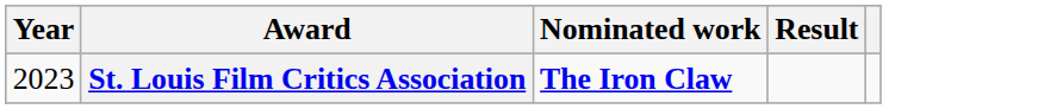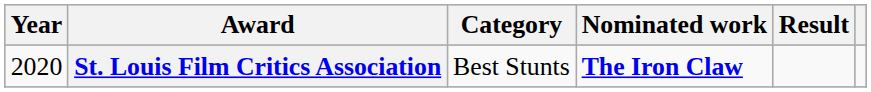 <table class="wikitable">
 <tr>
 <th>Year</th>
 <th>Award</th>
+<th>Category</th>
 <th>Nominated work</th>
 <th>Result</th>
 <th></th>
 </tr>
 <tr>
-<td>2023</td>
+<td>2020</td>
 <th scope="row"><a href='#'>St. Louis Film Critics Association</a></th>
+<td>Best Stunts</td>
 <td><strong><a href='#'>The Iron Claw</a></strong></td>
 <td></td>
 <td></td>
 </tr>
 </table>
